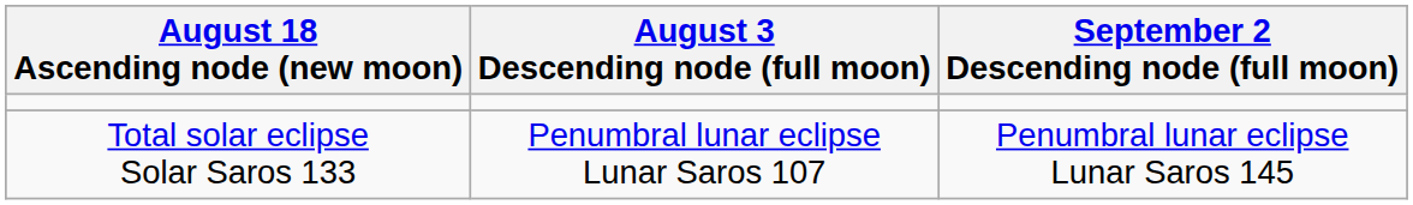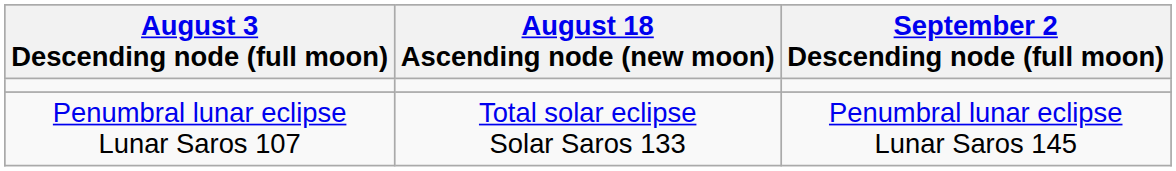 <table class="wikitable">
 <tr>
+<th><a href='#'>August 3</a><br>Descending node (full moon)<br></th>
 <th><a href='#'>August 18</a><br>Ascending node (new moon)<br></th>
-<th><a href='#'>August 3</a><br>Descending node (full moon)<br></th>
 <th><a href='#'>September 2</a><br>Descending node (full moon)<br></th>
 </tr>
 <tr>
 <td></td>
 <td></td>
 <td></td>
 </tr>
 <tr align=center>
+<td><a href='#'>Penumbral lunar eclipse</a><br>Lunar Saros 107</td>
 <td><a href='#'>Total solar eclipse</a><br>Solar Saros 133</td>
-<td><a href='#'>Penumbral lunar eclipse</a><br>Lunar Saros 107</td>
 <td><a href='#'>Penumbral lunar eclipse</a><br>Lunar Saros 145</td>
 </tr>
 </table>
